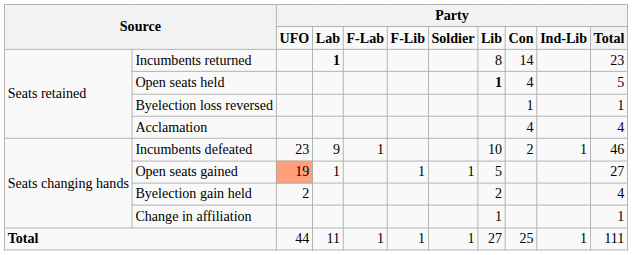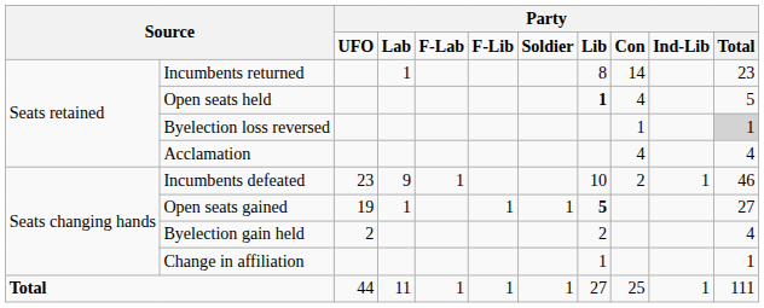 <table class="wikitable" style="text-align:right;">
 <tr>
 <th colspan="2" rowspan="2">Source</th>
 <th colspan="9">Party</th>
 </tr>
 <tr>
 <td><strong>UFO</strong></td>
 <td><strong>Lab</strong></td>
 <td><strong>F-Lab</strong></td>
 <td><strong>F-Lib</strong></td>
 <td><strong>Soldier</strong></td>
 <td><strong>Lib</strong></td>
 <td><strong>Con</strong></td>
 <td><strong>Ind-Lib</strong></td>
 <th>Total</th>
 </tr>
 <tr>
 <td rowspan="4" style="text-align:left;">Seats retained</td>
 <td style="text-align:left;">Incumbents returned</td>
 <td></td>
-<td><strong>1</strong></td>
+<td>1</td>
 <td></td>
 <td></td>
 <td></td>
 <td>8</td>
 <td>14</td>
 <td></td>
 <td>23</td>
 </tr>
 <tr>
 <td style="text-align:left;">Open seats held</td>
 <td></td>
 <td></td>
 <td></td>
 <td></td>
 <td></td>
 <td><strong>1</strong></td>
 <td>4</td>
 <td></td>
 <td>5</td>
 </tr>
 <tr>
 <td style="text-align:left;">Byelection loss reversed</td>
 <td></td>
 <td></td>
 <td></td>
 <td></td>
 <td></td>
 <td></td>
 <td>1</td>
 <td></td>
-<td>1</td>
+<td style="background: lightgrey;">1</td>
 </tr>
 <tr>
 <td style="text-align:left;">Acclamation</td>
 <td></td>
 <td></td>
 <td></td>
 <td></td>
 <td></td>
 <td></td>
 <td>4</td>
 <td></td>
 <td>4</td>
 </tr>
 <tr>
 <td rowspan="4" style="text-align:left;">Seats changing hands</td>
 <td style="text-align:left;">Incumbents defeated</td>
 <td>23</td>
 <td>9</td>
 <td>1</td>
 <td></td>
 <td></td>
 <td>10</td>
 <td>2</td>
 <td>1</td>
 <td>46</td>
 </tr>
 <tr>
 <td style="text-align:left;">Open seats gained</td>
-<td style="background: lightsalmon;">19</td>
+<td>19</td>
 <td>1</td>
 <td></td>
 <td>1</td>
 <td>1</td>
-<td>5</td>
+<td><strong>5</strong></td>
 <td></td>
 <td></td>
 <td>27</td>
 </tr>
 <tr>
 <td style="text-align:left;">Byelection gain held</td>
 <td>2</td>
 <td></td>
 <td></td>
 <td></td>
 <td></td>
 <td>2</td>
 <td></td>
 <td></td>
 <td>4</td>
 </tr>
 <tr>
 <td style="text-align:left;">Change in affiliation</td>
 <td></td>
 <td></td>
 <td></td>
 <td></td>
 <td></td>
 <td>1</td>
 <td></td>
 <td></td>
 <td>1</td>
 </tr>
 <tr>
 <td colspan="2" style="text-align:left;"><strong>Total</strong></td>
 <td>44</td>
 <td>11</td>
 <td>1</td>
 <td>1</td>
 <td>1</td>
 <td>27</td>
 <td>25</td>
 <td>1</td>
 <td>111</td>
 </tr>
 </table>
